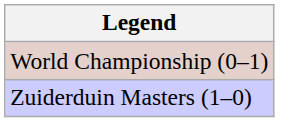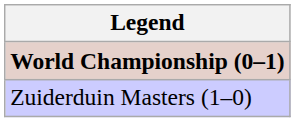 <table class="wikitable">
 <tr>
 <th>Legend</th>
 </tr>
 <tr style="background:#e5d1cb;">
-<td>World Championship (0–1)</td>
+<td><strong>World Championship (0–1)</strong></td>
 </tr>
 <tr style="background:#ccf;">
 <td>Zuiderduin Masters (1–0)</td>
 </tr>
 </table>
